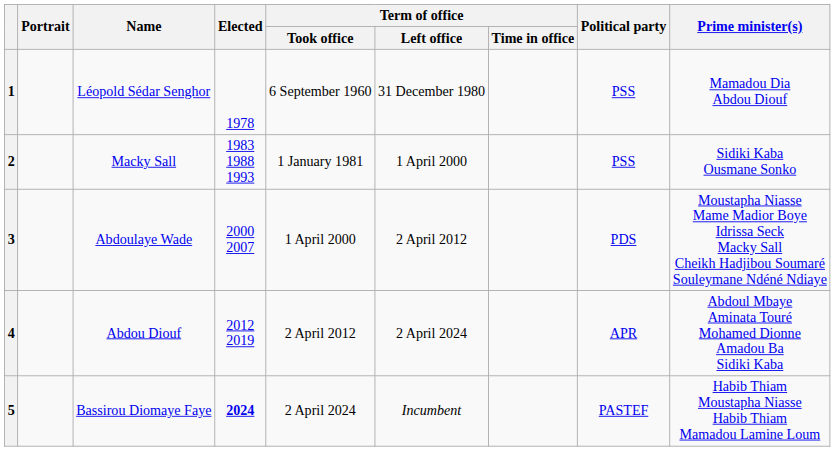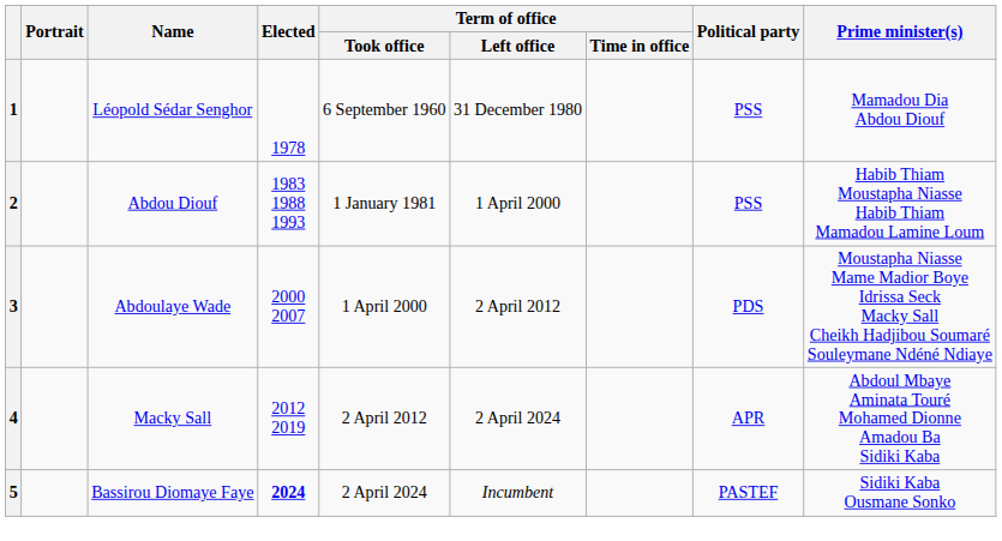 <table class="wikitable" style="text-align:center">
 <tr>
 <th rowspan="2"></th>
 <th rowspan="2">Portrait</th>
 <th rowspan="2">Name<br></th>
 <th rowspan="2">Elected</th>
 <th colspan="3">Term of office</th>
 <th rowspan="2">Political party</th>
 <th rowspan="2"><a href='#'>Prime minister(s)</a></th>
 </tr>
 <tr>
 <th>Took office</th>
 <th>Left office</th>
 <th>Time in office</th>
 </tr>
 <tr>
 <th style="background-color:">1</th>
 <td></td>
 <td><a href='#'>Léopold Sédar Senghor</a><br></td>
 <td><br><br><br><br><a href='#'>1978</a></td>
 <td>6 September 1960</td>
 <td>31 December 1980</td>
 <td></td>
 <td><a href='#'>PSS</a></td>
 <td><a href='#'>Mamadou Dia</a><br><a href='#'>Abdou Diouf</a></td>
 </tr>
 <tr>
 <th style="background-color:">2</th>
 <td></td>
-<td><a href='#'>Macky Sall</a><br></td>
+<td><a href='#'>Abdou Diouf</a><br></td>
 <td><a href='#'>1983</a><br><a href='#'>1988</a><br><a href='#'>1993</a></td>
 <td>1 January 1981</td>
 <td>1 April 2000</td>
 <td></td>
 <td><a href='#'>PSS</a></td>
-<td><a href='#'>Sidiki Kaba</a><br><a href='#'>Ousmane Sonko</a></td>
+<td><a href='#'>Habib Thiam</a><br><a href='#'>Moustapha Niasse</a><br><a href='#'>Habib Thiam</a><br><a href='#'>Mamadou Lamine Loum</a></td>
 </tr>
 <tr>
 <th style="background-color:">3</th>
 <td></td>
 <td><a href='#'>Abdoulaye Wade</a><br></td>
 <td><a href='#'>2000</a><br><a href='#'>2007</a></td>
 <td>1 April 2000</td>
 <td>2 April 2012</td>
 <td></td>
 <td><a href='#'>PDS</a></td>
 <td><a href='#'>Moustapha Niasse</a><br><a href='#'>Mame Madior Boye</a><br><a href='#'>Idrissa Seck</a><br><a href='#'>Macky Sall</a><br><a href='#'>Cheikh Hadjibou Soumaré</a><br><a href='#'>Souleymane Ndéné Ndiaye</a></td>
 </tr>
 <tr>
 <th style="background-color:">4</th>
 <td></td>
-<td><a href='#'>Abdou Diouf</a><br></td>
+<td><a href='#'>Macky Sall</a><br></td>
 <td><a href='#'>2012</a><br><a href='#'>2019</a></td>
 <td>2 April 2012</td>
 <td>2 April 2024</td>
 <td></td>
 <td><a href='#'>APR</a></td>
 <td><a href='#'>Abdoul Mbaye</a><br><a href='#'>Aminata Touré</a><br><a href='#'>Mohamed Dionne</a><br><a href='#'>Amadou Ba</a><br><a href='#'>Sidiki Kaba</a></td>
 </tr>
 <tr>
 <th style="background-color:">5</th>
 <td></td>
 <td><a href='#'>Bassirou Diomaye Faye</a><br></td>
 <td><strong><a href='#'>2024</a></strong></td>
 <td>2 April 2024</td>
 <td><em>Incumbent</em></td>
 <td></td>
 <td><a href='#'>PASTEF</a></td>
-<td><a href='#'>Habib Thiam</a><br><a href='#'>Moustapha Niasse</a><br><a href='#'>Habib Thiam</a><br><a href='#'>Mamadou Lamine Loum</a></td>
+<td><a href='#'>Sidiki Kaba</a><br><a href='#'>Ousmane Sonko</a></td>
 </tr>
 </table>
